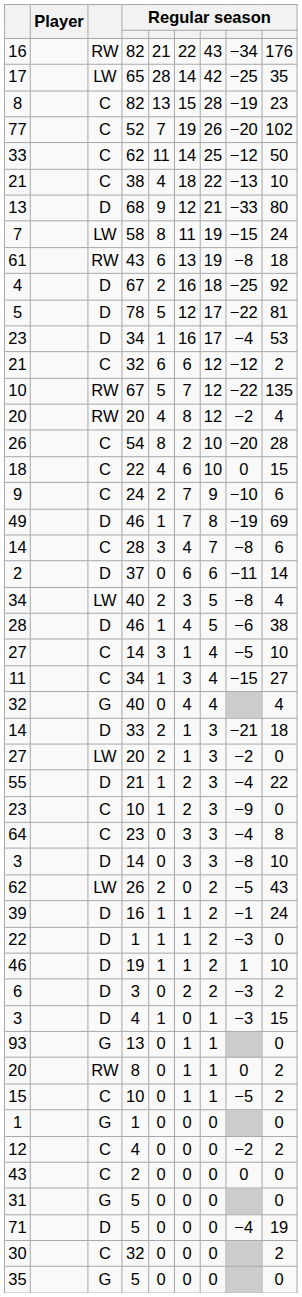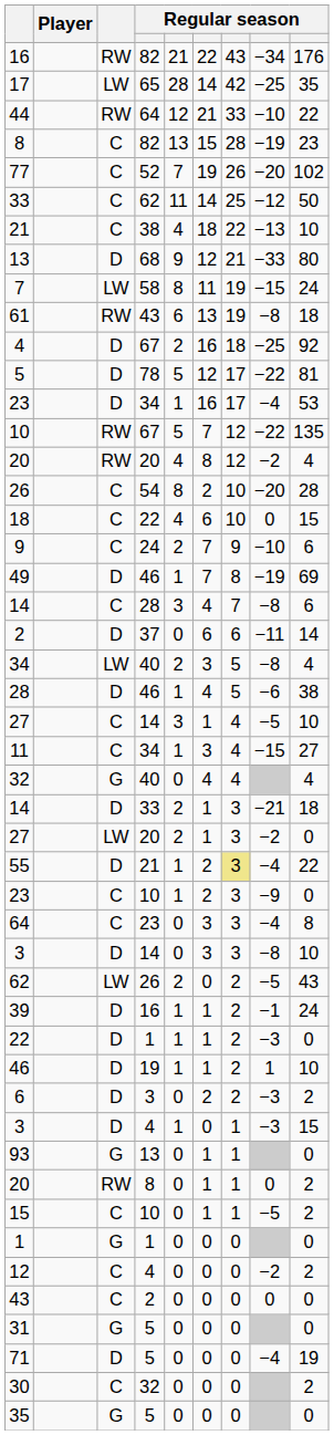 <table class="wikitable sortable plainrowheaders" style="text-align:center;">
 <tr>
 <th scope="col" data-sort-type="number" rowspan="2"></th>
 <th scope="col" rowspan="2">Player</th>
 <th scope="col" rowspan="2"></th>
 <th scope=colgroup colspan=6>Regular season</th>
 </tr>
 <tr>
 <th scope="col" data-sort-type="number"></th>
 <th scope="col" data-sort-type="number"></th>
 <th scope="col" data-sort-type="number"></th>
 <th scope="col" data-sort-type="number"></th>
 <th scope="col" data-sort-type="number"></th>
 <th scope="col" data-sort-type="number"></th>
 </tr>
 <tr>
 <td scope="row">16</td>
 <td align="left"></td>
 <td>RW</td>
 <td>82</td>
 <td>21</td>
 <td>22</td>
 <td>43</td>
 <td>−34</td>
 <td>176</td>
 </tr>
 <tr>
 <td scope="row">17</td>
 <td align="left"></td>
 <td>LW</td>
 <td>65</td>
 <td>28</td>
 <td>14</td>
 <td>42</td>
 <td>−25</td>
 <td>35</td>
+</tr>
+<tr>
+<td scope="row">44</td>
+<td align="left"></td>
+<td>RW</td>
+<td>64</td>
+<td>12</td>
+<td>21</td>
+<td>33</td>
+<td>−10</td>
+<td>22</td>
 </tr>
 <tr>
 <td scope="row">8</td>
 <td align="left"></td>
 <td>C</td>
 <td>82</td>
 <td>13</td>
 <td>15</td>
 <td>28</td>
 <td>−19</td>
 <td>23</td>
 </tr>
 <tr>
 <td scope="row">77</td>
 <td align="left"></td>
 <td>C</td>
 <td>52</td>
 <td>7</td>
 <td>19</td>
 <td>26</td>
 <td>−20</td>
 <td>102</td>
 </tr>
 <tr>
 <td scope="row">33</td>
 <td align="left"></td>
 <td>C</td>
 <td>62</td>
 <td>11</td>
 <td>14</td>
 <td>25</td>
 <td>−12</td>
 <td>50</td>
 </tr>
 <tr>
 <td scope="row">21</td>
 <td align="left"></td>
 <td>C</td>
 <td>38</td>
 <td>4</td>
 <td>18</td>
 <td>22</td>
 <td>−13</td>
 <td>10</td>
 </tr>
 <tr>
 <td scope="row">13</td>
 <td align="left"></td>
 <td>D</td>
 <td>68</td>
 <td>9</td>
 <td>12</td>
 <td>21</td>
 <td>−33</td>
 <td>80</td>
 </tr>
 <tr>
 <td scope="row">7</td>
 <td align="left"></td>
 <td>LW</td>
 <td>58</td>
 <td>8</td>
 <td>11</td>
 <td>19</td>
 <td>−15</td>
 <td>24</td>
 </tr>
 <tr>
 <td scope="row">61</td>
 <td align="left"></td>
 <td>RW</td>
 <td>43</td>
 <td>6</td>
 <td>13</td>
 <td>19</td>
 <td>−8</td>
 <td>18</td>
 </tr>
 <tr>
 <td scope="row">4</td>
 <td align="left"></td>
 <td>D</td>
 <td>67</td>
 <td>2</td>
 <td>16</td>
 <td>18</td>
 <td>−25</td>
 <td>92</td>
 </tr>
 <tr>
 <td scope="row">5</td>
 <td align="left"></td>
 <td>D</td>
 <td>78</td>
 <td>5</td>
 <td>12</td>
 <td>17</td>
 <td>−22</td>
 <td>81</td>
 </tr>
 <tr>
 <td scope="row">23</td>
 <td align="left"></td>
 <td>D</td>
 <td>34</td>
 <td>1</td>
 <td>16</td>
 <td>17</td>
 <td>−4</td>
 <td>53</td>
-</tr>
-<tr>
-<td scope="row">21</td>
-<td align="left"></td>
-<td>C</td>
-<td>32</td>
-<td>6</td>
-<td>6</td>
-<td>12</td>
-<td>−12</td>
-<td>2</td>
 </tr>
 <tr>
 <td scope="row">10</td>
 <td align="left"></td>
 <td>RW</td>
 <td>67</td>
 <td>5</td>
 <td>7</td>
 <td>12</td>
 <td>−22</td>
 <td>135</td>
 </tr>
 <tr>
 <td scope="row">20</td>
 <td align="left"></td>
 <td>RW</td>
 <td>20</td>
 <td>4</td>
 <td>8</td>
 <td>12</td>
 <td>−2</td>
 <td>4</td>
 </tr>
 <tr>
 <td scope="row">26</td>
 <td align="left"></td>
 <td>C</td>
 <td>54</td>
 <td>8</td>
 <td>2</td>
 <td>10</td>
 <td>−20</td>
 <td>28</td>
 </tr>
 <tr>
 <td scope="row">18</td>
 <td align="left"></td>
 <td>C</td>
 <td>22</td>
 <td>4</td>
 <td>6</td>
 <td>10</td>
 <td>0</td>
 <td>15</td>
 </tr>
 <tr>
 <td scope="row">9</td>
 <td align="left"></td>
 <td>C</td>
 <td>24</td>
 <td>2</td>
 <td>7</td>
 <td>9</td>
 <td>−10</td>
 <td>6</td>
 </tr>
 <tr>
 <td scope="row">49</td>
 <td align="left"></td>
 <td>D</td>
 <td>46</td>
 <td>1</td>
 <td>7</td>
 <td>8</td>
 <td>−19</td>
 <td>69</td>
 </tr>
 <tr>
 <td scope="row">14</td>
 <td align="left"></td>
 <td>C</td>
 <td>28</td>
 <td>3</td>
 <td>4</td>
 <td>7</td>
 <td>−8</td>
 <td>6</td>
 </tr>
 <tr>
 <td scope="row">2</td>
 <td align="left"></td>
 <td>D</td>
 <td>37</td>
 <td>0</td>
 <td>6</td>
 <td>6</td>
 <td>−11</td>
 <td>14</td>
 </tr>
 <tr>
 <td scope="row">34</td>
 <td align="left"></td>
 <td>LW</td>
 <td>40</td>
 <td>2</td>
 <td>3</td>
 <td>5</td>
 <td>−8</td>
 <td>4</td>
 </tr>
 <tr>
 <td scope="row">28</td>
 <td align="left"></td>
 <td>D</td>
 <td>46</td>
 <td>1</td>
 <td>4</td>
 <td>5</td>
 <td>−6</td>
 <td>38</td>
 </tr>
 <tr>
 <td scope="row">27</td>
 <td align="left"></td>
 <td>C</td>
 <td>14</td>
 <td>3</td>
 <td>1</td>
 <td>4</td>
 <td>−5</td>
 <td>10</td>
 </tr>
 <tr>
 <td scope="row">11</td>
 <td align="left"></td>
 <td>C</td>
 <td>34</td>
 <td>1</td>
 <td>3</td>
 <td>4</td>
 <td>−15</td>
 <td>27</td>
 </tr>
 <tr>
 <td scope="row">32</td>
 <td align="left"></td>
 <td>G</td>
 <td>40</td>
 <td>0</td>
 <td>4</td>
 <td>4</td>
 <td style="background:#ccc"></td>
 <td>4</td>
 </tr>
 <tr>
 <td scope="row">14</td>
 <td align="left"></td>
 <td>D</td>
 <td>33</td>
 <td>2</td>
 <td>1</td>
 <td>3</td>
 <td>−21</td>
 <td>18</td>
 </tr>
 <tr>
 <td scope="row">27</td>
 <td align="left"></td>
 <td>LW</td>
 <td>20</td>
 <td>2</td>
 <td>1</td>
 <td>3</td>
 <td>−2</td>
 <td>0</td>
 </tr>
 <tr>
 <td scope="row">55</td>
 <td align="left"></td>
 <td>D</td>
 <td>21</td>
 <td>1</td>
 <td>2</td>
-<td>3</td>
+<td style="background: khaki;">3</td>
 <td>−4</td>
 <td>22</td>
 </tr>
 <tr>
 <td scope="row">23</td>
 <td align="left"></td>
 <td>C</td>
 <td>10</td>
 <td>1</td>
 <td>2</td>
 <td>3</td>
 <td>−9</td>
 <td>0</td>
 </tr>
 <tr>
 <td scope="row">64</td>
 <td align="left"></td>
 <td>C</td>
 <td>23</td>
 <td>0</td>
 <td>3</td>
 <td>3</td>
 <td>−4</td>
 <td>8</td>
 </tr>
 <tr>
 <td scope="row">3</td>
 <td align="left"></td>
 <td>D</td>
 <td>14</td>
 <td>0</td>
 <td>3</td>
 <td>3</td>
 <td>−8</td>
 <td>10</td>
 </tr>
 <tr>
 <td scope="row">62</td>
 <td align="left"></td>
 <td>LW</td>
 <td>26</td>
 <td>2</td>
 <td>0</td>
 <td>2</td>
 <td>−5</td>
 <td>43</td>
 </tr>
 <tr>
 <td scope="row">39</td>
 <td align="left"></td>
 <td>D</td>
 <td>16</td>
 <td>1</td>
 <td>1</td>
 <td>2</td>
 <td>−1</td>
 <td>24</td>
 </tr>
 <tr>
 <td scope="row">22</td>
 <td align="left"></td>
 <td>D</td>
 <td>1</td>
 <td>1</td>
 <td>1</td>
 <td>2</td>
 <td>−3</td>
 <td>0</td>
 </tr>
 <tr>
 <td scope="row">46</td>
 <td align="left"></td>
 <td>D</td>
 <td>19</td>
 <td>1</td>
 <td>1</td>
 <td>2</td>
 <td>1</td>
 <td>10</td>
 </tr>
 <tr>
 <td scope="row">6</td>
 <td align="left"></td>
 <td>D</td>
 <td>3</td>
 <td>0</td>
 <td>2</td>
 <td>2</td>
 <td>−3</td>
 <td>2</td>
 </tr>
 <tr>
 <td scope="row">3</td>
 <td align="left"></td>
 <td>D</td>
 <td>4</td>
 <td>1</td>
 <td>0</td>
 <td>1</td>
 <td>−3</td>
 <td>15</td>
 </tr>
 <tr>
 <td scope="row">93</td>
 <td align="left"></td>
 <td>G</td>
 <td>13</td>
 <td>0</td>
 <td>1</td>
 <td>1</td>
 <td style="background:#ccc"></td>
 <td>0</td>
 </tr>
 <tr>
 <td scope="row">20</td>
 <td align="left"></td>
 <td>RW</td>
 <td>8</td>
 <td>0</td>
 <td>1</td>
 <td>1</td>
 <td>0</td>
 <td>2</td>
 </tr>
 <tr>
 <td scope="row">15</td>
 <td align="left"></td>
 <td>C</td>
 <td>10</td>
 <td>0</td>
 <td>1</td>
 <td>1</td>
 <td>−5</td>
 <td>2</td>
 </tr>
 <tr>
 <td scope="row">1</td>
 <td align="left"></td>
 <td>G</td>
 <td>1</td>
 <td>0</td>
 <td>0</td>
 <td>0</td>
 <td style="background:#ccc"></td>
 <td>0</td>
 </tr>
 <tr>
 <td scope="row">12</td>
 <td align="left"></td>
 <td>C</td>
 <td>4</td>
 <td>0</td>
 <td>0</td>
 <td>0</td>
 <td>−2</td>
 <td>2</td>
 </tr>
 <tr>
 <td scope="row">43</td>
 <td align="left"></td>
 <td>C</td>
 <td>2</td>
 <td>0</td>
 <td>0</td>
 <td>0</td>
 <td>0</td>
 <td>0</td>
 </tr>
 <tr>
 <td scope="row">31</td>
 <td align="left"></td>
 <td>G</td>
 <td>5</td>
 <td>0</td>
 <td>0</td>
 <td>0</td>
 <td style="background:#ccc"></td>
 <td>0</td>
 </tr>
 <tr>
 <td scope="row">71</td>
 <td align="left"></td>
 <td>D</td>
 <td>5</td>
 <td>0</td>
 <td>0</td>
 <td>0</td>
 <td>−4</td>
 <td>19</td>
 </tr>
 <tr>
 <td scope="row">30</td>
 <td align="left"></td>
 <td>C</td>
 <td>32</td>
 <td>0</td>
 <td>0</td>
 <td>0</td>
 <td style="background:#ccc"></td>
 <td>2</td>
 </tr>
 <tr>
 <td scope="row">35</td>
 <td align="left"></td>
 <td>G</td>
 <td>5</td>
 <td>0</td>
 <td>0</td>
 <td>0</td>
 <td style="background:#ccc"></td>
 <td>0</td>
 </tr>
 </table>
